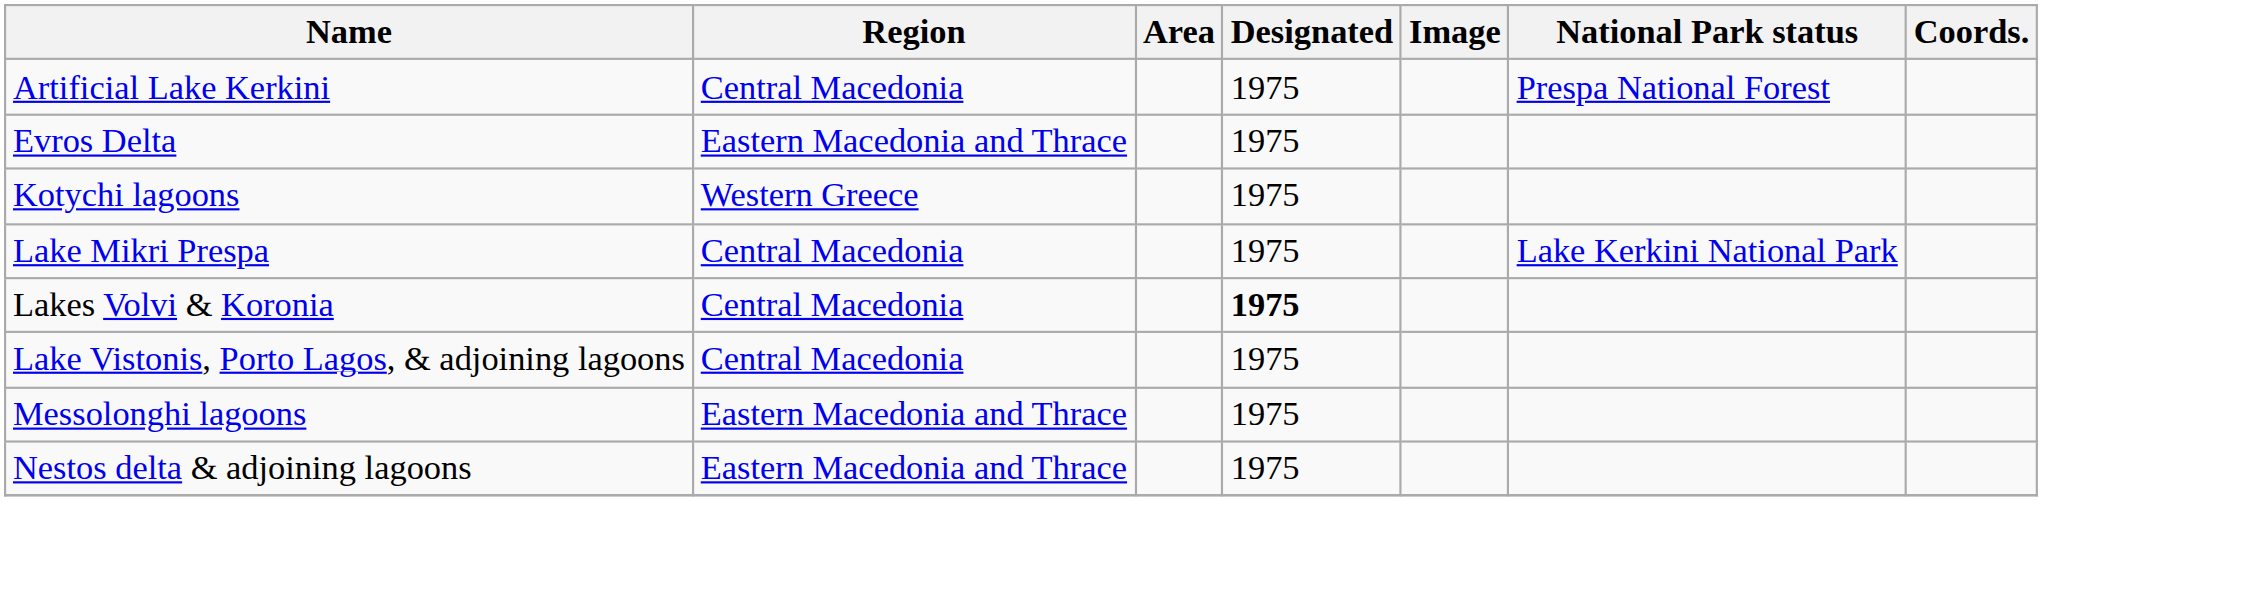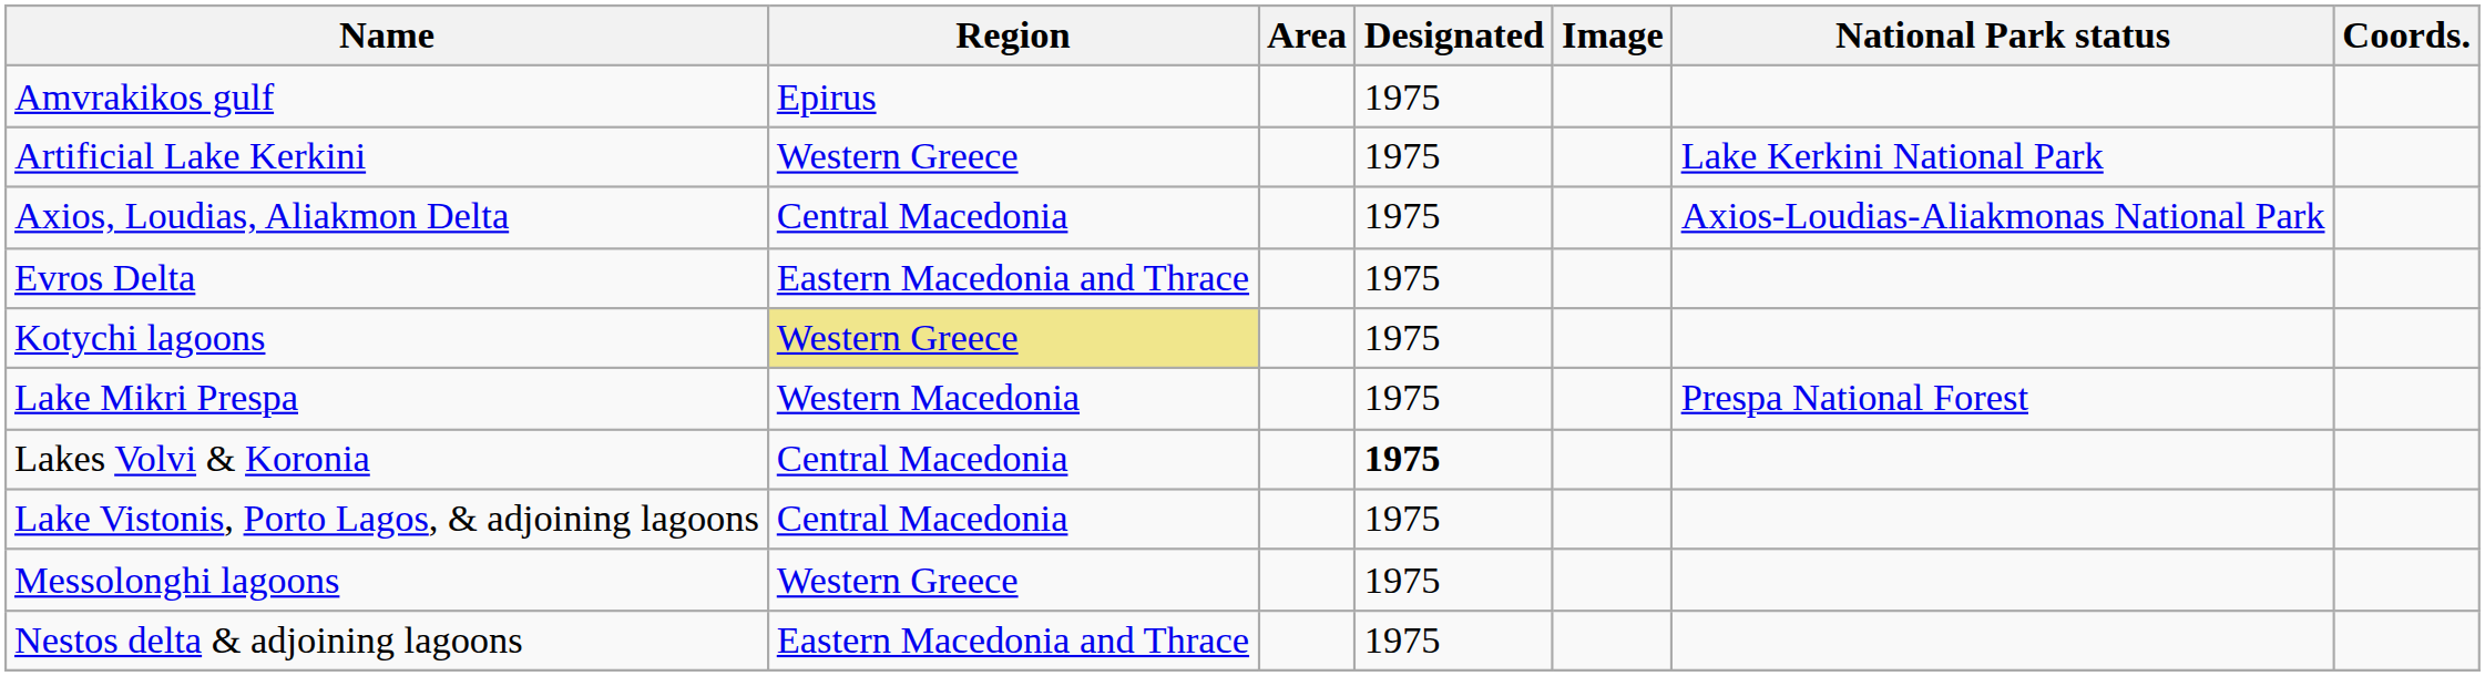 <table class="wikitable sortable">
 <tr>
 <th style="background-color:">Name</th>
 <th style="background-color:">Region</th>
 <th style="background-color:">Area</th>
 <th style="background-color:">Designated</th>
 <th style="background-color:">Image</th>
 <th style="background-color:">National Park status</th>
 <th style="background-color:">Coords.</th>
 </tr>
 <tr>
+<td><a href='#'>Amvrakikos gulf</a></td>
+<td><a href='#'>Epirus</a></td>
+<td></td>
+<td>1975</td>
+<td></td>
+<td></td>
+<td></td>
+</tr>
+<tr>
 <td><a href='#'>Artificial Lake Kerkini</a></td>
+<td><a href='#'>Western Greece</a></td>
+<td></td>
+<td>1975</td>
+<td></td>
+<td><a href='#'>Lake Kerkini National Park</a></td>
+<td></td>
+</tr>
+<tr>
+<td><a href='#'>Axios, Loudias, Aliakmon Delta</a></td>
 <td><a href='#'>Central Macedonia</a></td>
 <td></td>
 <td>1975</td>
 <td></td>
-<td><a href='#'>Prespa National Forest</a></td>
+<td><a href='#'>Axios-Loudias-Aliakmonas National Park</a></td>
 <td></td>
 </tr>
 <tr>
 <td><a href='#'>Evros Delta</a></td>
 <td><a href='#'>Eastern Macedonia and Thrace</a></td>
 <td></td>
 <td>1975</td>
 <td></td>
 <td></td>
 <td></td>
 </tr>
 <tr>
 <td><a href='#'>Kotychi lagoons</a></td>
-<td><a href='#'>Western Greece</a></td>
+<td style="background: khaki;"><a href='#'>Western Greece</a></td>
 <td></td>
 <td>1975</td>
 <td></td>
 <td></td>
 <td></td>
 </tr>
 <tr>
 <td><a href='#'>Lake Mikri Prespa</a></td>
-<td><a href='#'>Central Macedonia</a></td>
+<td><a href='#'>Western Macedonia</a></td>
 <td></td>
 <td>1975</td>
 <td></td>
-<td><a href='#'>Lake Kerkini National Park</a></td>
+<td><a href='#'>Prespa National Forest</a></td>
 <td></td>
 </tr>
 <tr>
 <td>Lakes <a href='#'>Volvi</a> & <a href='#'>Koronia</a></td>
 <td><a href='#'>Central Macedonia</a></td>
 <td></td>
 <td><strong>1975</strong></td>
 <td></td>
 <td></td>
 <td></td>
 </tr>
 <tr>
 <td><a href='#'>Lake Vistonis</a>, <a href='#'>Porto Lagos</a>,  & adjoining lagoons</td>
 <td><a href='#'>Central Macedonia</a></td>
 <td></td>
 <td>1975</td>
 <td></td>
 <td></td>
 <td></td>
 </tr>
 <tr>
 <td><a href='#'>Messolonghi lagoons</a></td>
-<td><a href='#'>Eastern Macedonia and Thrace</a></td>
+<td><a href='#'>Western Greece</a></td>
 <td></td>
 <td>1975</td>
 <td></td>
 <td></td>
 <td></td>
 </tr>
 <tr>
 <td><a href='#'>Nestos delta</a> & adjoining lagoons</td>
 <td><a href='#'>Eastern Macedonia and Thrace</a></td>
 <td></td>
 <td>1975</td>
 <td></td>
 <td></td>
 <td></td>
 </tr>
 <tr>
 </tr>
 </table>
